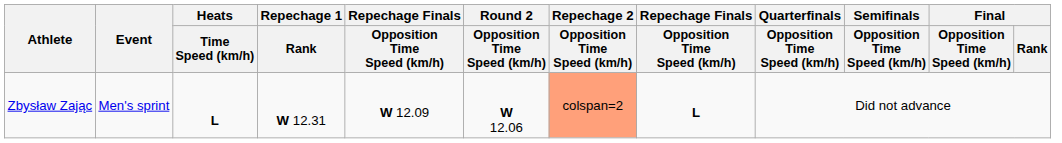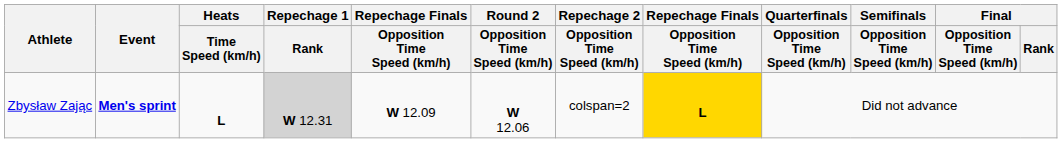 <table class="wikitable" style="font-size:90%">
 <tr>
 <th rowspan="2">Athlete</th>
 <th rowspan="2">Event</th>
 <th>Heats</th>
 <th>Repechage 1</th>
 <th>Repechage Finals</th>
 <th>Round 2</th>
 <th>Repechage 2</th>
 <th>Repechage Finals</th>
 <th>Quarterfinals</th>
 <th>Semifinals</th>
 <th colspan=2>Final</th>
 </tr>
 <tr style="font-size:95%">
 <th>Time<br>Speed (km/h)</th>
 <th>Rank</th>
 <th>Opposition<br>Time<br>Speed (km/h)</th>
 <th>Opposition<br>Time<br>Speed (km/h)</th>
 <th>Opposition<br>Time<br>Speed (km/h)</th>
 <th>Opposition<br>Time<br>Speed (km/h)</th>
 <th>Opposition<br>Time<br>Speed (km/h)</th>
 <th>Opposition<br>Time<br>Speed (km/h)</th>
 <th>Opposition<br>Time<br>Speed (km/h)</th>
 <th>Rank</th>
 </tr>
 <tr align=center>
 <td align=left><a href='#'>Zbysław Zając</a></td>
-<td align=left><a href='#'>Men's sprint</a></td>
+<td align=left><strong><a href='#'>Men's sprint</a></strong></td>
 <td><br><br><strong>L</strong></td>
-<td><br><br><strong>W</strong> 12.31</td>
+<td style="background: lightgrey;"><br><br><strong>W</strong> 12.31</td>
 <td><br><strong>W</strong> 12.09</td>
 <td><br><br><strong>W</strong><br>12.06</td>
-<td style="background: lightsalmon;">colspan=2 </td>
-<td><br><strong>L</strong></td>
+<td>colspan=2 </td>
+<td style="background: gold;"><br><strong>L</strong></td>
 <td colspan=8>Did not advance</td>
 </tr>
 </table>
